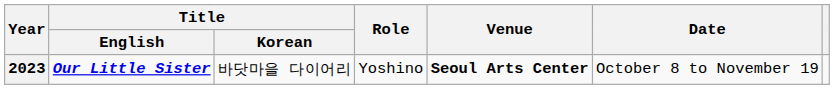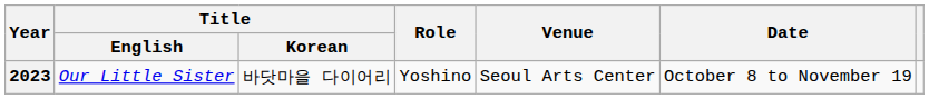 <table class="wikitable plainrowheaders sortable" style="text-align:left; font-size:100%">
 <tr>
 <th scope="col" rowspan="2">Year</th>
 <th scope="col" colspan="2">Title</th>
 <th scope="col" rowspan="2">Role</th>
 <th scope="col" rowspan="2" class="unsortable">Venue</th>
 <th scope="col" rowspan="2">Date</th>
 <th rowspan="2" scope="col" class="unsortable"></th>
 </tr>
 <tr>
 <th>English</th>
 <th>Korean</th>
 </tr>
 <tr>
 <th scope="row">2023</th>
-<td><strong><em><a href='#'>Our Little Sister</a></em></strong></td>
+<td><em><a href='#'>Our Little Sister</a></em></td>
 <td>바닷마을 다이어리</td>
 <td>Yoshino</td>
-<td><strong>Seoul Arts Center</strong></td>
+<td>Seoul Arts Center</td>
 <td>October 8 to November 19</td>
 <td style="text-align:center"></td>
 </tr>
 </table>
